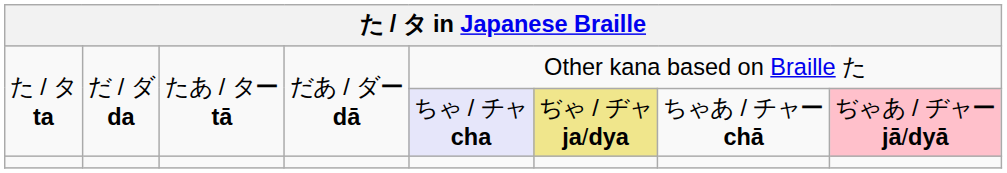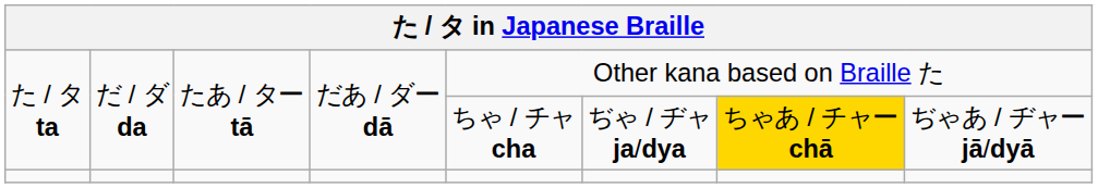 <table class="wikitable nowrap" style="text-align:center">
 <tr>
 <th colspan=8>た / タ in <a href='#'>Japanese Braille</a></th>
 </tr>
 <tr>
 <td rowspan=2>た / タ <br><strong>ta</strong></td>
 <td rowspan=2>だ / ダ <br><strong>da</strong></td>
 <td rowspan=2>たあ / ター <br><strong>tā</strong></td>
 <td rowspan=2>だあ / ダー <br><strong>dā</strong></td>
 <td colspan=4>Other kana based on <a href='#'>Braille</a> た</td>
 </tr>
 <tr>
-<td style="background: lavender;">ちゃ / チャ <br><strong>cha</strong></td>
-<td style="background: khaki;">ぢゃ / ヂャ <br><strong>ja</strong>/<strong>dya</strong></td>
-<td>ちゃあ / チャー <br><strong>chā</strong></td>
-<td style="background: pink;">ぢゃあ / ヂャー <br><strong>jā</strong>/<strong>dyā</strong></td>
+<td>ちゃ / チャ <br><strong>cha</strong></td>
+<td>ぢゃ / ヂャ <br><strong>ja</strong>/<strong>dya</strong></td>
+<td style="background: gold;">ちゃあ / チャー <br><strong>chā</strong></td>
+<td>ぢゃあ / ヂャー <br><strong>jā</strong>/<strong>dyā</strong></td>
 </tr>
 <tr>
 <td></td>
 <td></td>
 <td></td>
 <td></td>
 <td></td>
 <td></td>
 <td></td>
 <td></td>
 </tr>
 </table>
